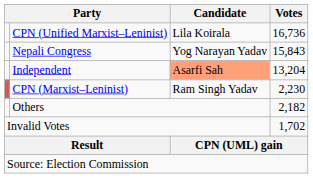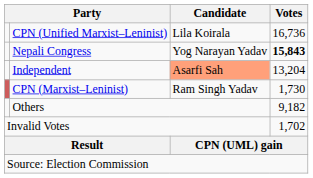 <table class="wikitable">
 <tr>
 <th colspan="2">Party</th>
 <th>Candidate</th>
 <th>Votes</th>
 </tr>
 <tr>
 <td style="background-color:"></td>
 <td><a href='#'>CPN (Unified Marxist–Leninist)</a></td>
 <td>Lila Koirala</td>
 <td style="text-align:right">16,736</td>
 </tr>
 <tr>
 <td style="background-color:"></td>
 <td><a href='#'>Nepali Congress</a></td>
 <td>Yog Narayan Yadav</td>
-<td style="text-align:right">15,843</td>
+<td style="text-align:right"><strong>15,843</strong></td>
 </tr>
 <tr>
 <td style="background-color:"></td>
 <td><a href='#'>Independent</a></td>
 <td style="background: lightsalmon;">Asarfi Sah</td>
 <td style="text-align:right">13,204</td>
 </tr>
 <tr>
 <td style="background-color:indianred"></td>
 <td><a href='#'>CPN (Marxist–Leninist)</a></td>
 <td>Ram Singh Yadav</td>
-<td style="text-align:right">2,230</td>
+<td style="text-align:right">1,730</td>
 </tr>
 <tr>
 <td></td>
 <td colspan="2">Others</td>
-<td style="text-align:right">2,182</td>
+<td style="text-align:right">9,182</td>
 </tr>
 <tr>
 <td colspan="3">Invalid Votes</td>
 <td style="text-align:right">1,702</td>
 </tr>
 <tr>
 <th colspan="2">Result</th>
 <th colspan="2">CPN (UML) gain</th>
 </tr>
 <tr>
 <td colspan="4">Source: Election Commission</td>
 </tr>
 </table>
